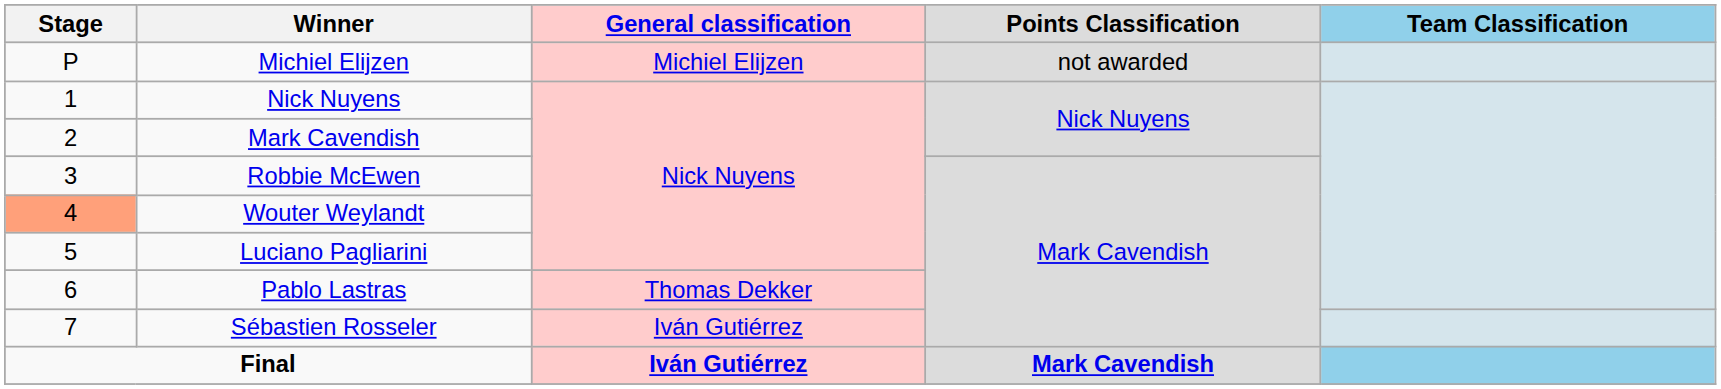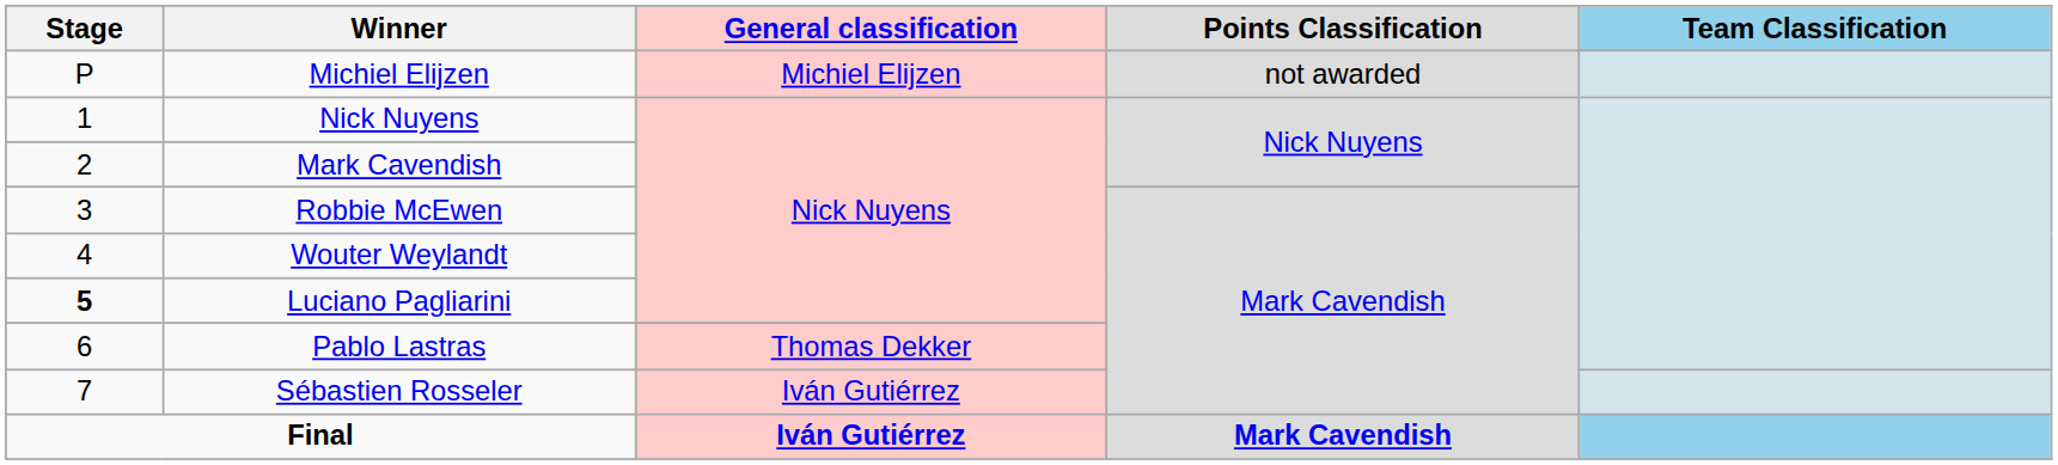 <table class="wikitable" style="text-align: center; font-size:smaller;">
 <tr style="background-color: #efefef;">
 <th width="5%">Stage</th>
 <th width="15%">Winner</th>
 <th style="background:#FFCCCC;" width="15%"><a href='#'>General classification</a><br></th>
 <th style="background:#DCDCDC;" width="15%">Points Classification<br></th>
 <th style="background:#90D0EA;" width="15%">Team Classification</th>
 </tr>
 <tr>
 <td>P</td>
 <td><a href='#'>Michiel Elijzen</a></td>
 <td style="background:#FFCCCC;" rowspan="1"><a href='#'>Michiel Elijzen</a></td>
 <td style="background:#DCDCDC;" rowspan="1">not awarded</td>
 <td style="background:#D5E5EC;" rowspan="1"></td>
 </tr>
 <tr>
 <td>1</td>
 <td><a href='#'>Nick Nuyens</a></td>
 <td style="background:#FFCCCC;" rowspan="5"><a href='#'>Nick Nuyens</a></td>
 <td style="background:#DCDCDC;" rowspan="2"><a href='#'>Nick Nuyens</a></td>
 <td style="background:#D5E5EC;" rowspan="6"></td>
 </tr>
 <tr>
 <td>2</td>
 <td><a href='#'>Mark Cavendish</a></td>
 </tr>
 <tr>
 <td>3</td>
 <td><a href='#'>Robbie McEwen</a></td>
 <td style="background:#DCDCDC;" rowspan="5"><a href='#'>Mark Cavendish</a></td>
 </tr>
 <tr>
-<td style="background: lightsalmon;">4</td>
+<td>4</td>
 <td><a href='#'>Wouter Weylandt</a></td>
 </tr>
 <tr>
-<td>5</td>
+<td><strong>5</strong></td>
 <td><a href='#'>Luciano Pagliarini</a></td>
 </tr>
 <tr>
 <td>6</td>
 <td><a href='#'>Pablo Lastras</a></td>
 <td style="background:#FFCCCC;" rowspan="1"><a href='#'>Thomas Dekker</a></td>
 </tr>
 <tr>
 <td>7</td>
 <td><a href='#'>Sébastien Rosseler</a></td>
 <td style="background:#FFCCCC;" rowspan="1"><a href='#'>Iván Gutiérrez</a></td>
 <td style="background:#D5E5EC;" rowspan="1"></td>
 </tr>
 <tr>
 <td colspan=2><strong>Final</strong></td>
 <th style="background:#FFCCCC;" width="15%"><a href='#'>Iván Gutiérrez</a></th>
 <th style="background:#DCDCDC;" width="15%"><a href='#'>Mark Cavendish</a></th>
 <th style="background:#90D0EA;" width="15%"></th>
 </tr>
 </table>
